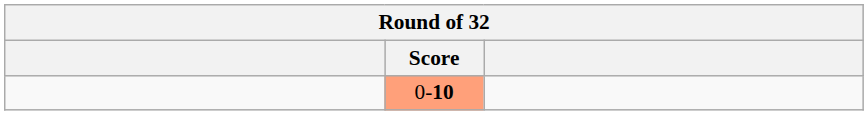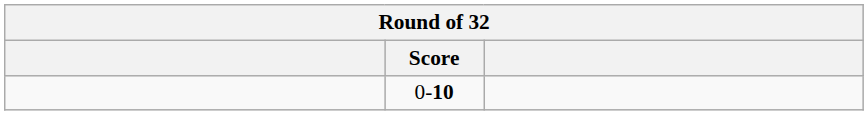 <table class="wikitable" style="text-align: center; font-size:90% ">
 <tr>
 <th colspan=3>Round of 32</th>
 </tr>
 <tr>
 <th align="right" width="250"></th>
 <th width="60">Score</th>
 <th align="left" width="250"></th>
 </tr>
 <tr>
 <td align=left></td>
-<td align=center style="background: lightsalmon;">0-<strong>10</strong></td>
+<td align=center>0-<strong>10</strong></td>
 <td align=left><strong></strong></td>
 </tr>
 </table>
